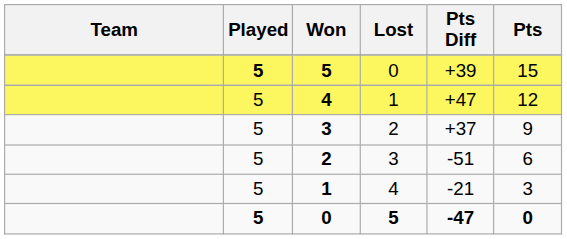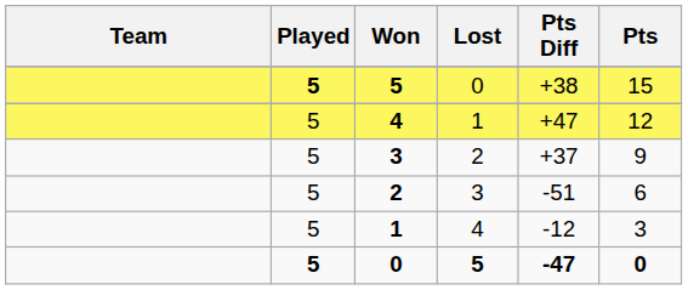 <table class=wikitable style="text-align:center">
 <tr>
 <th width=180>Team</th>
 <th width=50>Played</th>
 <th width=50>Won</th>
 <th width=50>Lost</th>
 <th width=50>Pts Diff</th>
 <th width=50>Pts</th>
 </tr>
 <tr>
 </tr>
 <tr bgcolor=FCF75E>
 <td align=left></td>
 <td><strong>5</strong></td>
 <td><strong>5</strong></td>
 <td>0</td>
-<td>+39</td>
+<td>+38</td>
 <td>15</td>
 </tr>
 <tr>
 </tr>
 <tr bgcolor=FCF75E>
 <td align=left></td>
 <td>5</td>
 <td><strong>4</strong></td>
 <td>1</td>
 <td>+47</td>
 <td>12</td>
 </tr>
 <tr>
 <td align=left></td>
 <td>5</td>
 <td><strong>3</strong></td>
 <td>2</td>
 <td>+37</td>
 <td>9</td>
 </tr>
 <tr>
 <td align=left></td>
 <td>5</td>
 <td><strong>2</strong></td>
 <td>3</td>
 <td>-51</td>
 <td>6</td>
 </tr>
 <tr>
 <td align=left></td>
 <td>5</td>
 <td><strong>1</strong></td>
 <td>4</td>
-<td>-21</td>
+<td>-12</td>
 <td>3</td>
 </tr>
 <tr>
 <td align=left></td>
 <td><strong>5</strong></td>
 <td><strong>0</strong></td>
 <td><strong>5</strong></td>
 <td><strong>-47</strong></td>
 <td><strong>0</strong></td>
 </tr>
 </table>
